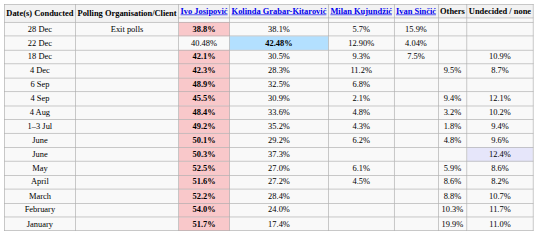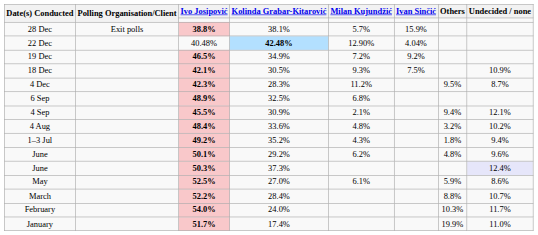 <table class="wikitable" style="text-align:center;font-size:85%;">
 <tr>
 <th rowspan=2><strong>Date(s) Conducted</strong></th>
 <th rowspan=2><strong>Polling Organisation/Client</strong></th>
 <th><a href='#'>Ivo Josipović</a></th>
 <th><a href='#'>Kolinda Grabar-Kitarović</a></th>
 <th><a href='#'>Milan Kujundžić</a></th>
 <th><a href='#'>Ivan Sinčić</a></th>
 <th>Others</th>
 <th>Undecided / none</th>
 </tr>
 <tr>
 <td style="background: "></td>
 <td style="background: "></td>
 <td style="background: "></td>
 <td style="background: "></td>
 <td style="background: none"></td>
 <td style="background: none"></td>
 </tr>
 <tr>
 <td>28 Dec</td>
 <td>Exit polls</td>
 <td style="background: #F9C8CA"><strong>38.8%</strong></td>
 <td>38.1%</td>
 <td>5.7%</td>
 <td>15.9%</td>
 <td></td>
 <td></td>
 </tr>
 <tr>
 <td>22 Dec</td>
 <td></td>
 <td>40.48%</td>
 <td style="background:#B3E0FF"><strong>42.48%</strong></td>
 <td>12.90%</td>
 <td>4.04%</td>
+<td></td>
+<td></td>
+</tr>
+<tr>
+<td>19 Dec</td>
+<td></td>
+<td style="background: #F9C8CA"><strong>46.5%</strong></td>
+<td>34.9%</td>
+<td>7.2%</td>
+<td>9.2%</td>
 <td></td>
 <td></td>
 </tr>
 <tr>
 <td>18 Dec</td>
 <td></td>
 <td style="background: #F9C8CA"><strong>42.1%</strong></td>
 <td>30.5%</td>
 <td>9.3%</td>
 <td>7.5%</td>
 <td></td>
 <td>10.9%</td>
 </tr>
 <tr>
 <td>4 Dec</td>
 <td></td>
 <td style="background: #F9C8CA"><strong>42.3%</strong></td>
 <td>28.3%</td>
 <td>11.2%</td>
 <td></td>
 <td>9.5%</td>
 <td>8.7%</td>
 </tr>
 <tr>
 <td>6 Sep</td>
 <td></td>
 <td style="background: #F9C8CA"><strong>48.9%</strong></td>
 <td>32.5%</td>
 <td>6.8%</td>
 <td></td>
 <td></td>
 <td></td>
 </tr>
 <tr>
 <td>4 Sep</td>
 <td></td>
 <td style="background: #F9C8CA"><strong>45.5%</strong></td>
 <td>30.9%</td>
 <td>2.1%</td>
 <td></td>
 <td>9.4%</td>
 <td>12.1%</td>
 </tr>
 <tr>
 <td>4 Aug</td>
 <td></td>
 <td style="background: #F9C8CA"><strong>48.4%</strong></td>
 <td>33.6%</td>
 <td>4.8%</td>
 <td></td>
 <td>3.2%</td>
 <td>10.2%</td>
 </tr>
 <tr>
 <td>1–3 Jul</td>
 <td></td>
 <td style="background: #F9C8CA"><strong>49.2%</strong></td>
 <td>35.2%</td>
 <td>4.3%</td>
 <td></td>
 <td>1.8%</td>
 <td>9.4%</td>
 </tr>
 <tr>
 <td>June</td>
 <td></td>
 <td style="background: #F9C8CA"><strong>50.1%</strong></td>
 <td>29.2%</td>
 <td>6.2%</td>
 <td></td>
 <td>4.8%</td>
 <td>9.6%</td>
 </tr>
 <tr>
 <td>June</td>
 <td></td>
 <td style="background: #F9C8CA"><strong>50.3%</strong></td>
 <td>37.3%</td>
 <td></td>
 <td></td>
 <td></td>
 <td style="background: lavender;">12.4%</td>
 </tr>
 <tr>
 <td>May</td>
 <td></td>
 <td style="background: #F9C8CA"><strong>52.5%</strong></td>
 <td>27.0%</td>
 <td>6.1%</td>
 <td></td>
 <td>5.9%</td>
 <td>8.6%</td>
 </tr>
 <tr>
-<td>April</td>
-<td></td>
-<td style="background: #F9C8CA"><strong>51.6%</strong></td>
-<td>27.2%</td>
-<td>4.5%</td>
-<td></td>
-<td>8.6%</td>
-<td>8.2%</td>
-</tr>
-<tr>
 <td>March</td>
 <td></td>
 <td style="background: #F9C8CA"><strong>52.2%</strong></td>
 <td>28.4%</td>
 <td></td>
 <td></td>
 <td>8.8%</td>
 <td>10.7%</td>
 </tr>
 <tr>
 <td>February</td>
 <td></td>
 <td style="background: #F9C8CA"><strong>54.0%</strong></td>
 <td>24.0%</td>
 <td></td>
 <td></td>
 <td>10.3%</td>
 <td>11.7%</td>
 </tr>
 <tr>
 <td>January</td>
 <td></td>
 <td style="background: #F9C8CA"><strong>51.7%</strong></td>
 <td>17.4%</td>
 <td></td>
 <td></td>
 <td>19.9%</td>
 <td>11.0%</td>
 </tr>
 </table>
